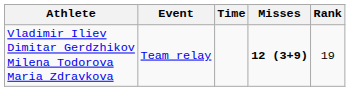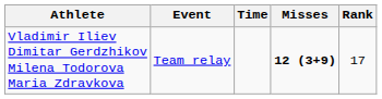 <table class=wikitable style=font-size:90%;text-align:center>
 <tr>
 <th>Athlete</th>
 <th>Event</th>
 <th>Time</th>
 <th>Misses</th>
 <th>Rank</th>
 </tr>
 <tr>
 <td align=left><a href='#'>Vladimir Iliev</a><br><a href='#'>Dimitar Gerdzhikov</a><br><a href='#'>Milena Todorova</a><br><a href='#'>Maria Zdravkova</a></td>
 <td align=left><a href='#'>Team relay</a></td>
 <td></td>
 <td><strong>12 (3+9)</strong></td>
-<td>19</td>
+<td>17</td>
 </tr>
 </table>
